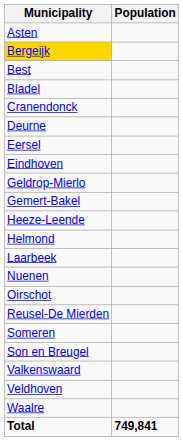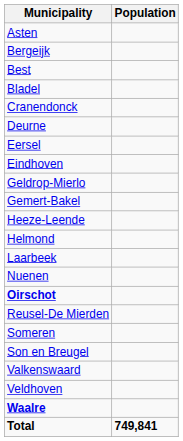 <table class="wikitable sortable">
 <tr>
 <th>Municipality</th>
 <th align="right">Population</th>
 </tr>
 <tr>
 <td><a href='#'>Asten</a></td>
 <td></td>
 </tr>
 <tr>
-<td style="background: gold;"><a href='#'>Bergeijk</a></td>
+<td><a href='#'>Bergeijk</a></td>
 <td></td>
 </tr>
 <tr>
 <td><a href='#'>Best</a></td>
 <td></td>
 </tr>
 <tr>
 <td><a href='#'>Bladel</a></td>
 <td></td>
 </tr>
 <tr>
 <td><a href='#'>Cranendonck</a></td>
 <td></td>
 </tr>
 <tr>
 <td><a href='#'>Deurne</a></td>
 <td></td>
 </tr>
 <tr>
 <td><a href='#'>Eersel</a></td>
 <td></td>
 </tr>
 <tr>
 <td><a href='#'>Eindhoven</a></td>
 <td></td>
 </tr>
 <tr>
 <td><a href='#'>Geldrop-Mierlo</a></td>
 <td></td>
 </tr>
 <tr>
 <td><a href='#'>Gemert-Bakel</a></td>
 <td></td>
 </tr>
 <tr>
 <td><a href='#'>Heeze-Leende</a></td>
 <td></td>
 </tr>
 <tr>
 <td><a href='#'>Helmond</a></td>
 <td></td>
 </tr>
 <tr>
 <td><a href='#'>Laarbeek</a></td>
 <td></td>
 </tr>
 <tr>
 <td><a href='#'>Nuenen</a></td>
 <td></td>
 </tr>
 <tr>
-<td><a href='#'>Oirschot</a></td>
+<td><strong><a href='#'>Oirschot</a></strong></td>
 <td></td>
 </tr>
 <tr>
 <td><a href='#'>Reusel-De Mierden</a></td>
 <td></td>
 </tr>
 <tr>
 <td><a href='#'>Someren</a></td>
 <td></td>
 </tr>
 <tr>
 <td><a href='#'>Son en Breugel</a></td>
 <td></td>
 </tr>
 <tr>
 <td><a href='#'>Valkenswaard</a></td>
 <td></td>
 </tr>
 <tr>
 <td><a href='#'>Veldhoven</a></td>
 <td></td>
 </tr>
 <tr>
-<td><a href='#'>Waalre</a></td>
+<td><strong><a href='#'>Waalre</a></strong></td>
 <td></td>
 </tr>
 <tr>
 <td><strong>Total</strong></td>
 <td><strong>749,841</strong></td>
 </tr>
 </table>
